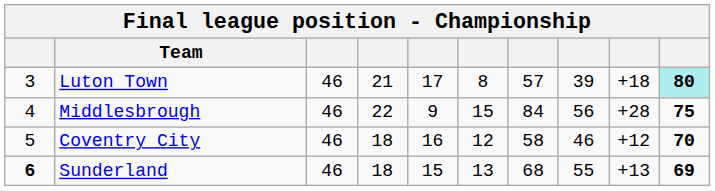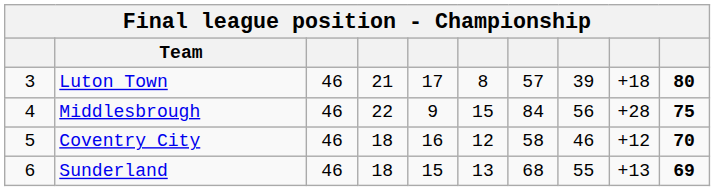 <table class="wikitable" style="text-align:center">
 <tr>
 <th colspan="10"><big>Final league position - Championship</big></th>
 </tr>
 <tr>
 <th width="30"></th>
 <th width="175">Team</th>
 <th width="30"></th>
 <th width="30"></th>
 <th width="30"></th>
 <th width="30"></th>
 <th width="30"></th>
 <th width="30"></th>
 <th width="30"></th>
 <th width="30"></th>
 </tr>
 <tr>
 <td>3</td>
 <td align="left"><a href='#'>Luton Town</a></td>
 <td>46</td>
 <td>21</td>
 <td>17</td>
 <td>8</td>
 <td>57</td>
 <td>39</td>
 <td>+18</td>
-<td style="background: paleturquoise;"><strong>80</strong></td>
+<td><strong>80</strong></td>
 </tr>
 <tr>
 <td>4</td>
 <td align="left"><a href='#'>Middlesbrough</a></td>
 <td>46</td>
 <td>22</td>
 <td>9</td>
 <td>15</td>
 <td>84</td>
 <td>56</td>
 <td>+28</td>
 <td><strong>75</strong></td>
 </tr>
 <tr>
 <td>5</td>
 <td align="left"><a href='#'>Coventry City</a></td>
 <td>46</td>
 <td>18</td>
 <td>16</td>
 <td>12</td>
 <td>58</td>
 <td>46</td>
 <td>+12</td>
 <td><strong>70</strong></td>
 </tr>
 <tr>
-<td><strong>6</strong></td>
+<td>6</td>
 <td align="left"><a href='#'>Sunderland</a></td>
 <td>46</td>
 <td>18</td>
 <td>15</td>
 <td>13</td>
 <td>68</td>
 <td>55</td>
 <td>+13</td>
 <td><strong>69</strong></td>
 </tr>
 </table>
